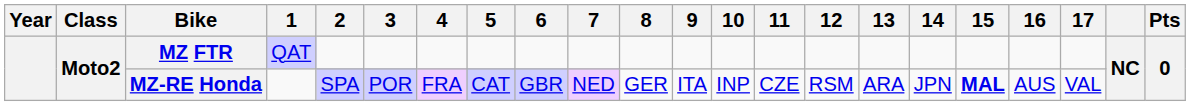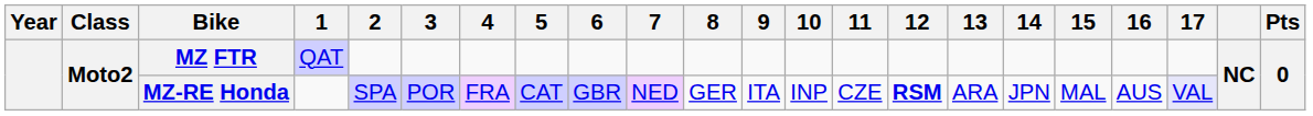 <table class="wikitable" style="text-align:center">
 <tr>
 <th>Year</th>
 <th>Class</th>
 <th>Bike</th>
 <th>1</th>
 <th>2</th>
 <th>3</th>
 <th>4</th>
 <th>5</th>
 <th>6</th>
 <th>7</th>
 <th>8</th>
 <th>9</th>
 <th>10</th>
 <th>11</th>
 <th>12</th>
 <th>13</th>
 <th>14</th>
 <th>15</th>
 <th>16</th>
 <th>17</th>
 <th></th>
 <th>Pts</th>
 </tr>
 <tr>
 <th rowspan=2></th>
 <th rowspan=2>Moto2</th>
 <th><a href='#'>MZ</a> <a href='#'>FTR</a></th>
 <td style="background:#cfcfff;"><a href='#'>QAT</a><br></td>
 <td></td>
 <td></td>
 <td></td>
 <td></td>
 <td></td>
 <td></td>
 <td></td>
 <td></td>
 <td></td>
 <td></td>
 <td></td>
 <td></td>
 <td></td>
 <td></td>
 <td></td>
 <td></td>
 <th rowspan=2>NC</th>
 <th rowspan=2>0</th>
 </tr>
 <tr>
 <th><a href='#'>MZ-RE</a> <a href='#'>Honda</a></th>
 <td></td>
 <td style="background:#cfcfff;"><a href='#'>SPA</a><br></td>
 <td style="background:#cfcfff;"><a href='#'>POR</a><br></td>
 <td style="background:#efcfff;"><a href='#'>FRA</a><br></td>
 <td style="background:#cfcfff;"><a href='#'>CAT</a><br></td>
 <td style="background:#cfcfff;"><a href='#'>GBR</a><br></td>
 <td style="background:#efcfff;"><a href='#'>NED</a><br></td>
 <td><a href='#'>GER</a></td>
 <td><a href='#'>ITA</a></td>
 <td><a href='#'>INP</a></td>
 <td><a href='#'>CZE</a></td>
-<td><a href='#'>RSM</a></td>
+<td><strong><a href='#'>RSM</a></strong></td>
 <td><a href='#'>ARA</a></td>
 <td><a href='#'>JPN</a></td>
-<td><strong><a href='#'>MAL</a></strong></td>
+<td><a href='#'>MAL</a></td>
 <td><a href='#'>AUS</a></td>
-<td><a href='#'>VAL</a></td>
+<td style="background: lavender;"><a href='#'>VAL</a></td>
 </tr>
 </table>
